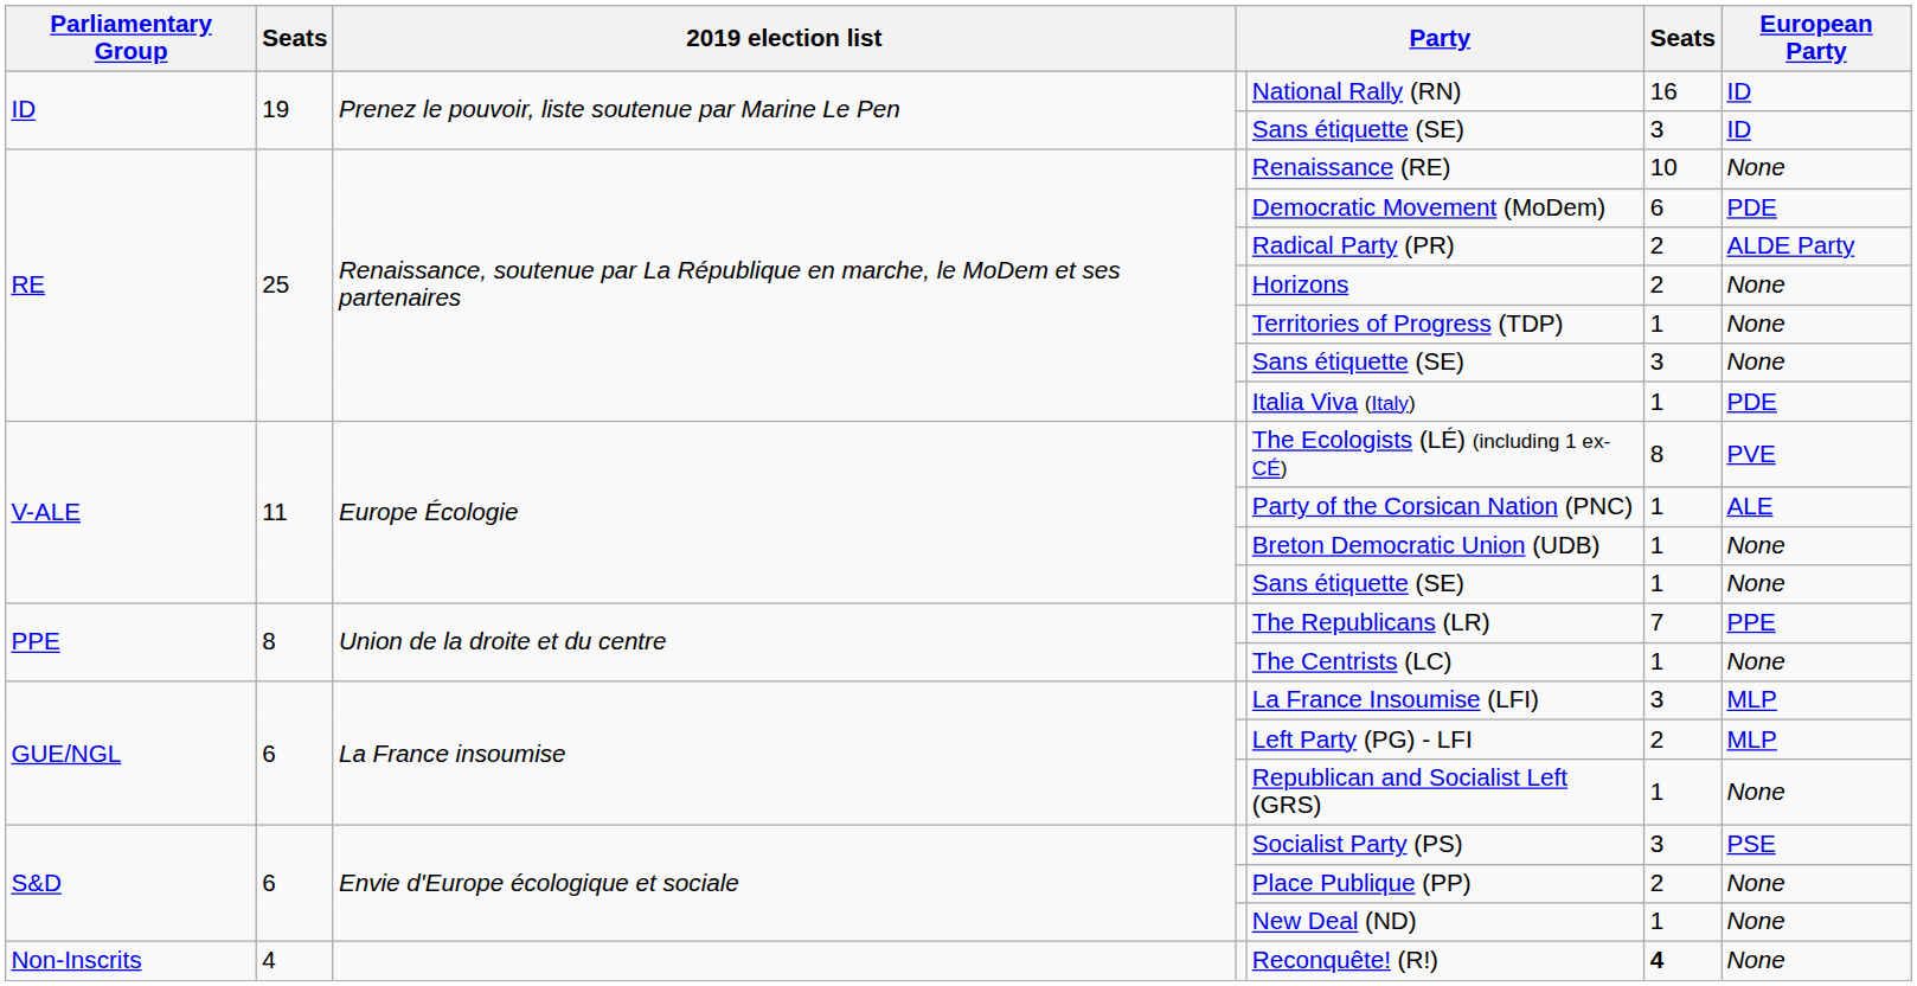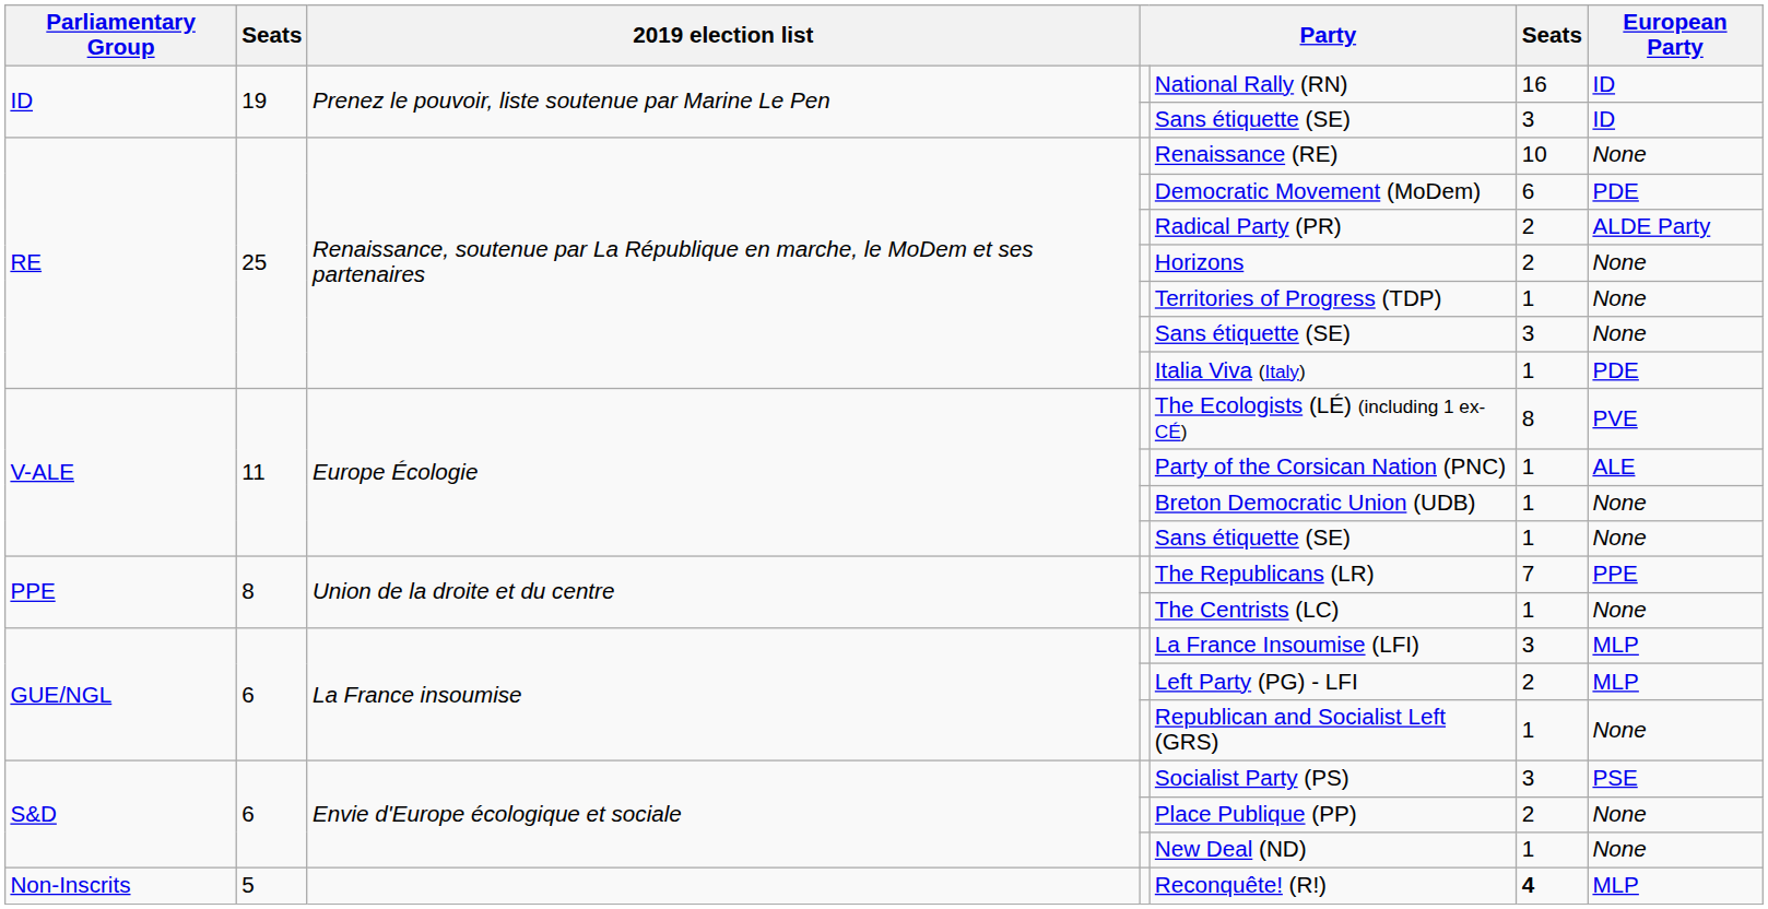 <table class="wikitable">
 <tr>
 <th><a href='#'>Parliamentary Group</a></th>
 <th>Seats</th>
 <th>2019 election list</th>
 <th colspan="2"><a href='#'>Party</a></th>
 <th>Seats</th>
 <th><a href='#'>European Party</a></th>
 </tr>
 <tr>
 <td rowspan="2"><a href='#'>ID</a></td>
 <td rowspan="2">19</td>
 <td rowspan="2"><em>Prenez le pouvoir, liste soutenue par Marine Le Pen</em></td>
 <td style="background:"></td>
 <td><a href='#'>National Rally</a> (RN)</td>
 <td>16</td>
 <td><a href='#'>ID</a></td>
 </tr>
 <tr>
 <td style="background:"></td>
 <td><a href='#'>Sans étiquette</a> (SE)</td>
 <td>3</td>
 <td><a href='#'>ID</a></td>
 </tr>
 <tr>
 <td rowspan="7"><a href='#'>RE</a></td>
 <td rowspan="7">25</td>
 <td rowspan="7"><em>Renaissance, soutenue par La République en marche, le MoDem et ses partenaires</em></td>
 <td style="background:"></td>
 <td><a href='#'>Renaissance</a> (RE)</td>
 <td>10</td>
 <td><em>None</em></td>
 </tr>
 <tr>
 <td style="background:"></td>
 <td><a href='#'>Democratic Movement</a> (MoDem)</td>
 <td>6</td>
 <td><a href='#'>PDE</a></td>
 </tr>
 <tr>
 <td style="background:"></td>
 <td><a href='#'>Radical Party</a> (PR)</td>
 <td>2</td>
 <td><a href='#'>ALDE Party</a></td>
 </tr>
 <tr>
 <td style="background:"></td>
 <td><a href='#'>Horizons</a></td>
 <td>2</td>
 <td><em>None</em></td>
 </tr>
 <tr>
 <td style="background:"></td>
 <td><a href='#'>Territories of Progress</a> (TDP)</td>
 <td>1</td>
 <td><em>None</em></td>
 </tr>
 <tr>
 <td style="background:"></td>
 <td><a href='#'>Sans étiquette</a> (SE)</td>
 <td>3</td>
 <td><em>None</em></td>
 </tr>
 <tr>
 <td style="background:"></td>
 <td><a href='#'>Italia Viva</a> <small>(<a href='#'>Italy</a>)</small></td>
 <td>1</td>
 <td><a href='#'>PDE</a></td>
 </tr>
 <tr>
 <td rowspan="4"><a href='#'>V-ALE</a></td>
 <td rowspan="4">11</td>
 <td rowspan="4"><em>Europe Écologie</em></td>
 <td style="background:"></td>
 <td><a href='#'>The Ecologists</a> (LÉ) <small>(including 1 ex-<a href='#'>CÉ</a>)</small></td>
 <td>8</td>
 <td><a href='#'>PVE</a></td>
 </tr>
 <tr>
 <td style="background:"></td>
 <td><a href='#'>Party of the Corsican Nation</a> (PNC)</td>
 <td>1</td>
 <td><a href='#'>ALE</a></td>
 </tr>
 <tr>
 <td style="background:"></td>
 <td><a href='#'>Breton Democratic Union</a> (UDB)</td>
 <td>1</td>
 <td><em>None</em></td>
 </tr>
 <tr>
 <td style="background:"></td>
 <td><a href='#'>Sans étiquette</a> (SE)</td>
 <td>1</td>
 <td><em>None</em></td>
 </tr>
 <tr>
 <td rowspan="2"><a href='#'>PPE</a></td>
 <td rowspan="2">8</td>
 <td rowspan="2"><em>Union de la droite et du centre</em></td>
 <td style="background:"></td>
 <td><a href='#'>The Republicans</a> (LR)</td>
 <td>7</td>
 <td><a href='#'>PPE</a></td>
 </tr>
 <tr>
 <td style="background:"></td>
 <td><a href='#'>The Centrists</a> (LC)</td>
 <td>1</td>
 <td><em>None</em></td>
 </tr>
 <tr>
 <td rowspan="3"><a href='#'>GUE/NGL</a></td>
 <td rowspan="3">6</td>
 <td rowspan="3"><em>La France insoumise</em></td>
 <td style="background:"></td>
 <td><a href='#'>La France Insoumise</a> (LFI)</td>
 <td>3</td>
 <td><a href='#'>MLP</a></td>
 </tr>
 <tr>
 <td style="background:"></td>
 <td><a href='#'>Left Party</a> (PG) - LFI</td>
 <td>2</td>
 <td><a href='#'>MLP</a></td>
 </tr>
 <tr>
 <td style="background:"></td>
 <td><a href='#'>Republican and Socialist Left</a> (GRS)</td>
 <td>1</td>
 <td><em>None</em></td>
 </tr>
 <tr>
 <td rowspan="3"><a href='#'>S&D</a></td>
 <td rowspan="3">6</td>
 <td rowspan="3"><em>Envie d'Europe écologique et sociale</em></td>
 <td style="background:"></td>
 <td><a href='#'>Socialist Party</a> (PS)</td>
 <td>3</td>
 <td><a href='#'>PSE</a></td>
 </tr>
 <tr>
 <td style="background:"></td>
 <td><a href='#'>Place Publique</a> (PP)</td>
 <td>2</td>
 <td><em>None</em></td>
 </tr>
 <tr>
 <td style="background:"></td>
 <td><a href='#'>New Deal</a> (ND)</td>
 <td>1</td>
 <td><em>None</em></td>
 </tr>
 <tr>
 <td><a href='#'>Non-Inscrits</a></td>
-<td>4</td>
+<td>5</td>
 <td></td>
 <td style="background:"></td>
 <td><a href='#'>Reconquête!</a> (R!)</td>
 <td><strong>4</strong></td>
-<td><em>None</em></td>
+<td><a href='#'>MLP</a></td>
 </tr>
 </table>
